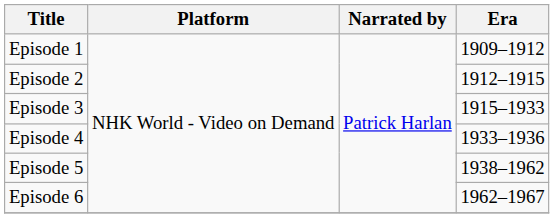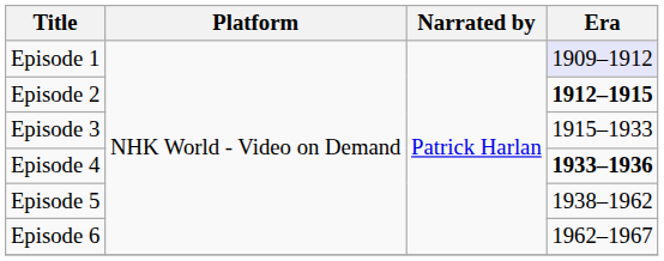 <table class="wikitable" style="text-align: center;">
 <tr>
 <th>Title</th>
 <th>Platform</th>
 <th>Narrated by</th>
 <th>Era</th>
 </tr>
 <tr>
 <td>Episode 1</td>
 <td rowspan="6">NHK World - Video on Demand</td>
 <td rowspan="6"><a href='#'>Patrick Harlan</a></td>
-<td>1909–1912</td>
+<td style="background: lavender;">1909–1912</td>
 </tr>
 <tr>
 <td>Episode 2</td>
-<td>1912–1915</td>
+<td><strong>1912–1915</strong></td>
 </tr>
 <tr>
 <td>Episode 3</td>
 <td>1915–1933</td>
 </tr>
 <tr>
 <td>Episode 4</td>
-<td>1933–1936</td>
+<td><strong>1933–1936</strong></td>
 </tr>
 <tr>
 <td>Episode 5</td>
 <td>1938–1962</td>
 </tr>
 <tr>
 <td>Episode 6</td>
 <td>1962–1967</td>
 </tr>
 <tr>
 </tr>
 </table>
